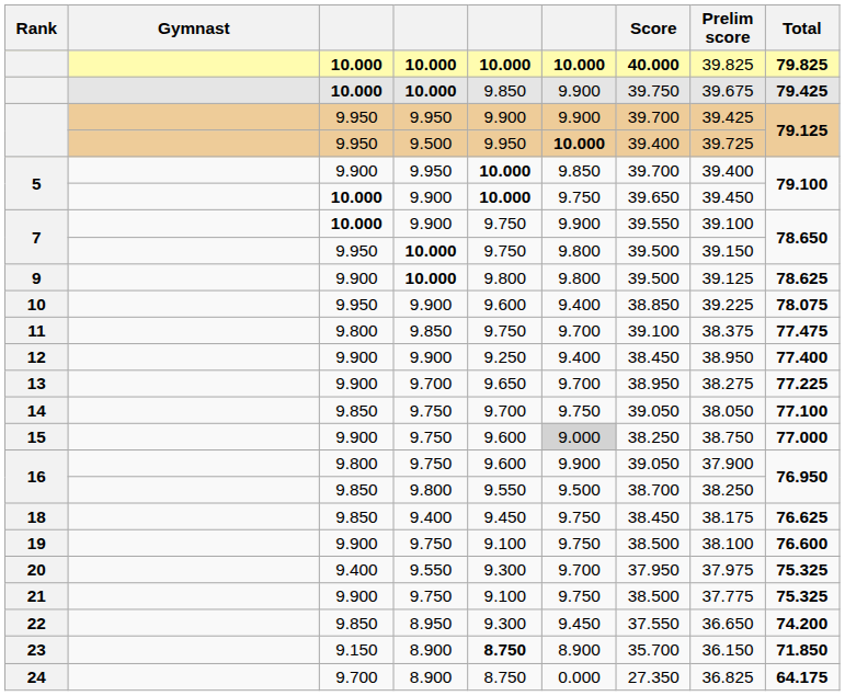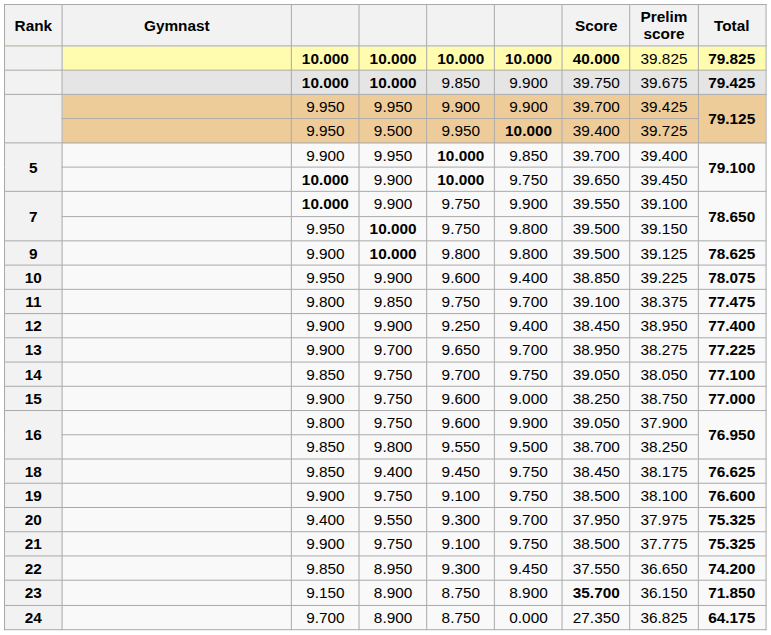 <table class="wikitable sortable" style="text-align:center; font-size:95%">
 <tr>
 <th scope="col" style="width:50px;">Rank</th>
 <th scope="col" style="width:220px;">Gymnast</th>
 <th scope="col" style="width:60px;"></th>
 <th scope="col" style="width:60px;"></th>
 <th scope="col" style="width:60px;"></th>
 <th scope="col" style="width:60px;"></th>
 <th scope="col" style="width:60px;">Score</th>
 <th scope="col" style="width:60px;">Prelim score</th>
 <th scope="col" style="width:60px;">Total</th>
 </tr>
 <tr style="background:#fffcaf;">
 <th scope=row style="text-align:center"></th>
 <td align=left></td>
 <td><strong>10.000</strong></td>
 <td><strong>10.000</strong></td>
 <td><strong>10.000</strong></td>
 <td><strong>10.000</strong></td>
 <td><strong>40.000</strong></td>
 <td>39.825</td>
 <td><strong>79.825</strong></td>
 </tr>
 <tr style="background:#e5e5e5;">
 <th scope=row style="text-align:center"></th>
 <td align=left></td>
 <td><strong>10.000</strong></td>
 <td><strong>10.000</strong></td>
 <td>9.850</td>
 <td>9.900</td>
 <td>39.750</td>
 <td>39.675</td>
 <td><strong>79.425</strong></td>
 </tr>
 <tr style="background:#ec9;">
 <th rowspan="2" scope="row" style="text-align:center"></th>
 <td align=left></td>
 <td>9.950</td>
 <td>9.950</td>
 <td>9.900</td>
 <td>9.900</td>
 <td>39.700</td>
 <td>39.425</td>
 <td rowspan="2"><strong>79.125</strong></td>
 </tr>
 <tr style="background:#ec9;">
 <td align=left></td>
 <td>9.950</td>
 <td>9.500</td>
 <td>9.950</td>
 <td><strong>10.000</strong></td>
 <td>39.400</td>
 <td>39.725</td>
 </tr>
 <tr>
 <th rowspan="2">5</th>
 <td align=left></td>
 <td>9.900</td>
 <td>9.950</td>
 <td><strong>10.000</strong></td>
 <td>9.850</td>
 <td>39.700</td>
 <td>39.400</td>
 <td rowspan="2"><strong>79.100</strong></td>
 </tr>
 <tr>
 <td align=left></td>
 <td><strong>10.000</strong></td>
 <td>9.900</td>
 <td><strong>10.000</strong></td>
 <td>9.750</td>
 <td>39.650</td>
 <td>39.450</td>
 </tr>
 <tr>
 <th rowspan="2">7</th>
 <td align=left></td>
 <td><strong>10.000</strong></td>
 <td>9.900</td>
 <td>9.750</td>
 <td>9.900</td>
 <td>39.550</td>
 <td>39.100</td>
 <td rowspan="2"><strong>78.650</strong></td>
 </tr>
 <tr>
 <td align=left></td>
 <td>9.950</td>
 <td><strong>10.000</strong></td>
 <td>9.750</td>
 <td>9.800</td>
 <td>39.500</td>
 <td>39.150</td>
 </tr>
 <tr>
 <th>9</th>
 <td align=left></td>
 <td>9.900</td>
 <td><strong>10.000</strong></td>
 <td>9.800</td>
 <td>9.800</td>
 <td>39.500</td>
 <td>39.125</td>
 <td><strong>78.625</strong></td>
 </tr>
 <tr>
 <th>10</th>
 <td align=left></td>
 <td>9.950</td>
 <td>9.900</td>
 <td>9.600</td>
 <td>9.400</td>
 <td>38.850</td>
 <td>39.225</td>
 <td><strong>78.075</strong></td>
 </tr>
 <tr>
 <th>11</th>
 <td align=left></td>
 <td>9.800</td>
 <td>9.850</td>
 <td>9.750</td>
 <td>9.700</td>
 <td>39.100</td>
 <td>38.375</td>
 <td><strong>77.475</strong></td>
 </tr>
 <tr>
 <th>12</th>
 <td align=left></td>
 <td>9.900</td>
 <td>9.900</td>
 <td>9.250</td>
 <td>9.400</td>
 <td>38.450</td>
 <td>38.950</td>
 <td><strong>77.400</strong></td>
 </tr>
 <tr>
 <th>13</th>
 <td align=left></td>
 <td>9.900</td>
 <td>9.700</td>
 <td>9.650</td>
 <td>9.700</td>
 <td>38.950</td>
 <td>38.275</td>
 <td><strong>77.225</strong></td>
 </tr>
 <tr>
 <th>14</th>
 <td align=left></td>
 <td>9.850</td>
 <td>9.750</td>
 <td>9.700</td>
 <td>9.750</td>
 <td>39.050</td>
 <td>38.050</td>
 <td><strong>77.100</strong></td>
 </tr>
 <tr>
 <th>15</th>
 <td align=left></td>
 <td>9.900</td>
 <td>9.750</td>
 <td>9.600</td>
-<td style="background: lightgrey;">9.000</td>
+<td>9.000</td>
 <td>38.250</td>
 <td>38.750</td>
 <td><strong>77.000</strong></td>
 </tr>
 <tr>
 <th rowspan="2">16</th>
 <td align=left></td>
 <td>9.800</td>
 <td>9.750</td>
 <td>9.600</td>
 <td>9.900</td>
 <td>39.050</td>
 <td>37.900</td>
 <td rowspan="2"><strong>76.950</strong></td>
 </tr>
 <tr>
 <td align=left></td>
 <td>9.850</td>
 <td>9.800</td>
 <td>9.550</td>
 <td>9.500</td>
 <td>38.700</td>
 <td>38.250</td>
 </tr>
 <tr>
 <th>18</th>
 <td align=left></td>
 <td>9.850</td>
 <td>9.400</td>
 <td>9.450</td>
 <td>9.750</td>
 <td>38.450</td>
 <td>38.175</td>
 <td><strong>76.625</strong></td>
 </tr>
 <tr>
 <th>19</th>
 <td align=left></td>
 <td>9.900</td>
 <td>9.750</td>
 <td>9.100</td>
 <td>9.750</td>
 <td>38.500</td>
 <td>38.100</td>
 <td><strong>76.600</strong></td>
 </tr>
 <tr>
 <th>20</th>
 <td align=left></td>
 <td>9.400</td>
 <td>9.550</td>
 <td>9.300</td>
 <td>9.700</td>
 <td>37.950</td>
 <td>37.975</td>
 <td><strong>75.325</strong></td>
 </tr>
 <tr>
 <th>21</th>
 <td align=left></td>
 <td>9.900</td>
 <td>9.750</td>
 <td>9.100</td>
 <td>9.750</td>
 <td>38.500</td>
 <td>37.775</td>
 <td><strong>75.325</strong></td>
 </tr>
 <tr>
 <th>22</th>
 <td align=left></td>
 <td>9.850</td>
 <td>8.950</td>
 <td>9.300</td>
 <td>9.450</td>
 <td>37.550</td>
 <td>36.650</td>
 <td><strong>74.200</strong></td>
 </tr>
 <tr>
 <th>23</th>
 <td align=left></td>
 <td>9.150</td>
 <td>8.900</td>
-<td><strong>8.750</strong></td>
+<td>8.750</td>
 <td>8.900</td>
-<td>35.700</td>
+<td><strong>35.700</strong></td>
 <td>36.150</td>
 <td><strong>71.850</strong></td>
 </tr>
 <tr>
 <th>24</th>
 <td align=left></td>
 <td>9.700</td>
 <td>8.900</td>
 <td>8.750</td>
 <td>0.000</td>
 <td>27.350</td>
 <td>36.825</td>
 <td><strong>64.175</strong></td>
 </tr>
 </table>
